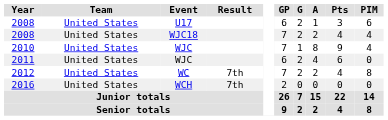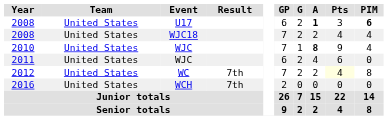 <table border="0" cellpadding="1" cellspacing="0" style="text-align:center; width:40em;">
 <tr bgcolor="#e0e0e0">
 <th>Year</th>
 <th>Team</th>
 <th>Event</th>
 <th>Result</th>
 <th rowspan="99" bgcolor="#ffffff"> </th>
 <th>GP</th>
 <th>G</th>
 <th>A</th>
 <th>Pts</th>
 <th>PIM</th>
 </tr>
 <tr>
 <td><a href='#'>2008</a></td>
 <td><a href='#'>United States</a></td>
 <td><a href='#'>U17</a></td>
 <td></td>
 <td>6</td>
 <td>2</td>
-<td>1</td>
+<td><strong>1</strong></td>
 <td>3</td>
-<td>6</td>
+<td><strong>6</strong></td>
 </tr>
 <tr bgcolor="#f0f0f0">
 <td><a href='#'>2008</a></td>
 <td>United States</td>
 <td><a href='#'>WJC18</a></td>
 <td></td>
 <td>7</td>
 <td>2</td>
 <td>2</td>
 <td>4</td>
 <td>4</td>
 </tr>
 <tr>
 <td><a href='#'>2010</a></td>
 <td><a href='#'>United States</a></td>
 <td><a href='#'>WJC</a></td>
 <td></td>
 <td>7</td>
 <td>1</td>
-<td>8</td>
+<td><strong>8</strong></td>
 <td>9</td>
 <td>4</td>
 </tr>
 <tr bgcolor="#f0f0f0">
 <td><a href='#'>2011</a></td>
 <td>United States</td>
 <td>WJC</td>
 <td></td>
 <td>6</td>
 <td>2</td>
 <td>4</td>
 <td>6</td>
 <td>0</td>
 </tr>
 <tr>
 <td><a href='#'>2012</a></td>
 <td><a href='#'>United States</a></td>
 <td><a href='#'>WC</a></td>
 <td>7th</td>
 <td>7</td>
 <td>2</td>
 <td>2</td>
-<td>4</td>
+<td style="background: lightyellow;">4</td>
 <td>8</td>
 </tr>
 <tr style="background:#f0f0f0;">
 <td><a href='#'>2016</a></td>
 <td>United States</td>
 <td><a href='#'>WCH</a></td>
 <td>7th</td>
 <td>2</td>
 <td>0</td>
 <td>0</td>
 <td>0</td>
 <td>0</td>
 </tr>
 <tr bgcolor="#e0e0e0">
 <th colspan="4">Junior totals</th>
 <th>26</th>
 <th>7</th>
 <th>15</th>
 <th>22</th>
 <th>14</th>
 </tr>
 <tr bgcolor="#e0e0e0">
 <th colspan="4">Senior totals</th>
 <th>9</th>
 <th>2</th>
 <th>2</th>
 <th>4</th>
 <th>8</th>
 </tr>
 </table>
